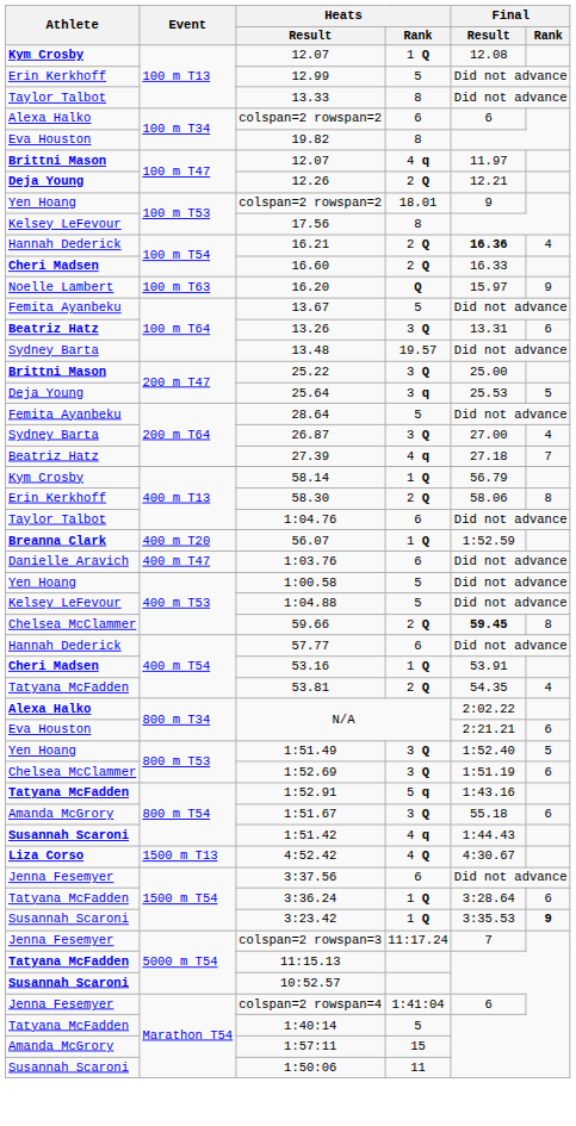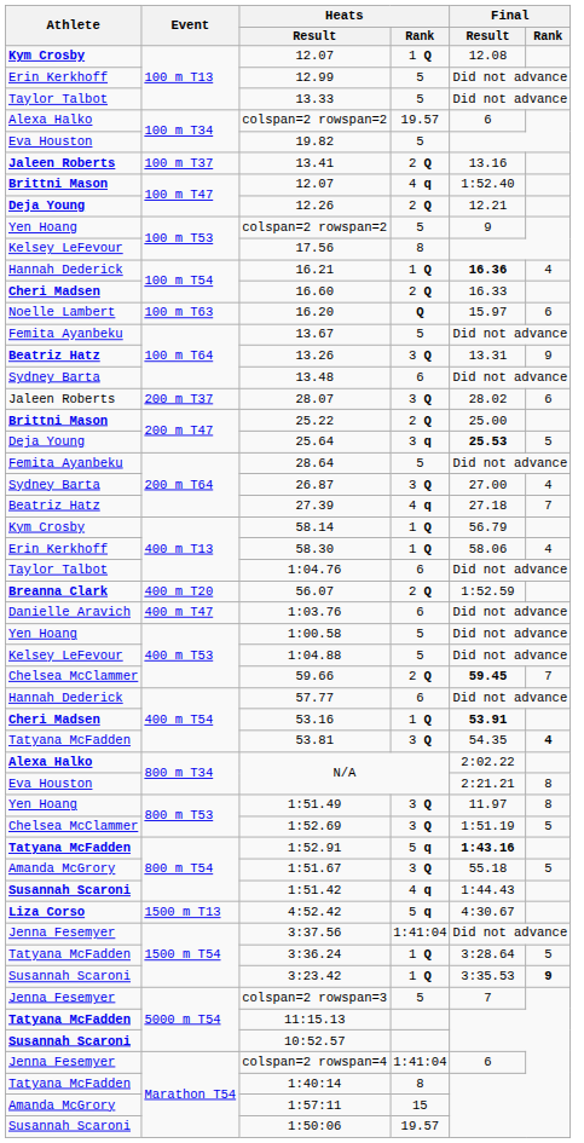 <table class=wikitable style=font-size:90%;text-align:center>
 <tr>
 <th rowspan=2>Athlete</th>
 <th rowspan=2>Event</th>
 <th colspan=2>Heats</th>
 <th colspan=2>Final</th>
 </tr>
 <tr style=font-size:95%>
 <th>Result</th>
 <th>Rank</th>
 <th>Result</th>
 <th>Rank</th>
 </tr>
 <tr align=center>
 <td align=left><strong><a href='#'>Kym Crosby</a></strong></td>
 <td align=left rowspan=3><a href='#'>100 m T13</a></td>
 <td>12.07</td>
 <td>1 <strong>Q</strong></td>
 <td>12.08</td>
 <td></td>
 </tr>
 <tr align=center>
 <td align=left><a href='#'>Erin Kerkhoff</a></td>
 <td>12.99</td>
 <td>5</td>
 <td colspan=2>Did not advance</td>
 </tr>
 <tr align=center>
 <td align=left><a href='#'>Taylor Talbot</a></td>
 <td>13.33</td>
-<td>8</td>
+<td>5</td>
 <td colspan=2>Did not advance</td>
 </tr>
 <tr align=center>
 <td align=left><a href='#'>Alexa Halko</a></td>
 <td align=left rowspan=2><a href='#'>100 m T34</a></td>
 <td>colspan=2 rowspan=2 </td>
-<td>6</td>
+<td>19.57</td>
 <td>6</td>
 </tr>
 <tr align=center>
 <td align=left><a href='#'>Eva Houston</a></td>
 <td>19.82</td>
-<td>8</td>
+<td>5</td>
+</tr>
+<tr align=center>
+<td align=left><strong><a href='#'>Jaleen Roberts</a></strong></td>
+<td align=left><a href='#'>100 m T37</a></td>
+<td>13.41 <strong></strong></td>
+<td>2 <strong>Q</strong></td>
+<td>13.16 <strong></strong></td>
+<td></td>
 </tr>
 <tr align=center>
 <td align=left><strong><a href='#'>Brittni Mason</a></strong></td>
 <td align=left rowspan=2><a href='#'>100 m T47</a></td>
 <td>12.07</td>
 <td>4 <strong>q</strong></td>
-<td>11.97</td>
+<td>1:52.40</td>
 <td></td>
 </tr>
 <tr align=center>
 <td align=left><strong><a href='#'>Deja Young</a></strong></td>
 <td>12.26</td>
 <td>2 <strong>Q</strong></td>
 <td>12.21</td>
 <td></td>
 </tr>
 <tr align=center>
 <td align=left><a href='#'>Yen Hoang</a></td>
 <td align=left rowspan=2><a href='#'>100 m T53</a></td>
 <td>colspan=2 rowspan=2 </td>
-<td>18.01</td>
+<td>5</td>
 <td>9</td>
 </tr>
 <tr align=center>
 <td align=left><a href='#'>Kelsey LeFevour</a></td>
 <td>17.56</td>
 <td>8</td>
 </tr>
 <tr align=center>
 <td align=left><a href='#'>Hannah Dederick</a></td>
 <td align=left rowspan=2><a href='#'>100 m T54</a></td>
 <td>16.21</td>
-<td>2 <strong>Q</strong></td>
+<td>1 <strong>Q</strong></td>
 <td><strong>16.36</strong></td>
 <td>4</td>
 </tr>
 <tr align=center>
 <td align=left><strong><a href='#'>Cheri Madsen</a></strong></td>
 <td>16.60</td>
 <td>2 <strong>Q</strong></td>
 <td>16.33</td>
 <td></td>
 </tr>
 <tr align=center>
 <td align=left><a href='#'>Noelle Lambert</a></td>
 <td align=left><a href='#'>100 m T63</a></td>
 <td>16.20 <strong></strong></td>
 <td><strong>Q</strong></td>
 <td>15.97 <strong></strong></td>
-<td>9</td>
+<td>6</td>
 </tr>
 <tr align=center>
 <td align=left><a href='#'>Femita Ayanbeku</a></td>
 <td align=left rowspan=3><a href='#'>100 m T64</a></td>
 <td>13.67</td>
 <td>5</td>
 <td colspan=2>Did not advance</td>
 </tr>
 <tr align=center>
 <td align=left><strong><a href='#'>Beatriz Hatz</a></strong></td>
 <td>13.26</td>
 <td>3 <strong>Q</strong></td>
 <td>13.31</td>
-<td>6</td>
+<td>9</td>
 </tr>
 <tr align=center>
 <td align=left><a href='#'>Sydney Barta</a></td>
 <td>13.48</td>
-<td>19.57</td>
+<td>6</td>
 <td colspan=2>Did not advance</td>
+</tr>
+<tr align=center>
+<td align=left>Jaleen Roberts</td>
+<td align=left><a href='#'>200 m T37</a></td>
+<td>28.07</td>
+<td>3 <strong>Q</strong></td>
+<td>28.02 <strong></strong></td>
+<td>6</td>
 </tr>
 <tr align=center>
 <td align=left><strong><a href='#'>Brittni Mason</a></strong></td>
 <td align=left rowspan=2><a href='#'>200 m T47</a></td>
 <td>25.22</td>
-<td>3 <strong>Q</strong></td>
+<td>2 <strong>Q</strong></td>
 <td>25.00</td>
 <td></td>
 </tr>
 <tr align=center>
 <td align=left><a href='#'>Deja Young</a></td>
 <td>25.64</td>
 <td>3 <strong>q</strong></td>
-<td>25.53</td>
+<td><strong>25.53</strong></td>
 <td>5</td>
 </tr>
 <tr align=center>
 <td align=left><a href='#'>Femita Ayanbeku</a></td>
 <td align=left rowspan=3><a href='#'>200 m T64</a></td>
 <td>28.64</td>
 <td>5</td>
 <td colspan="2">Did not advance</td>
 </tr>
 <tr align=center>
 <td align=left><a href='#'>Sydney Barta</a></td>
 <td>26.87</td>
 <td>3 <strong>Q</strong></td>
 <td>27.00</td>
 <td>4</td>
 </tr>
 <tr align=center>
 <td align=left><a href='#'>Beatriz Hatz</a></td>
 <td>27.39</td>
 <td>4 <strong>q</strong></td>
 <td>27.18</td>
 <td>7</td>
 </tr>
 <tr align=center>
 <td align=left><a href='#'>Kym Crosby</a></td>
 <td rowspan="3" align="left"><a href='#'>400 m T13</a></td>
 <td>58.14</td>
 <td>1 <strong>Q</strong></td>
 <td>56.79</td>
 <td></td>
 </tr>
 <tr align=center>
 <td align=left><a href='#'>Erin Kerkhoff</a></td>
 <td>58.30</td>
-<td>2 <strong>Q</strong></td>
+<td>1 <strong>Q</strong></td>
 <td>58.06</td>
-<td>8</td>
+<td>4</td>
 </tr>
 <tr align=center>
 <td align=left><a href='#'>Taylor Talbot</a></td>
 <td>1:04.76</td>
 <td>6</td>
 <td colspan="2">Did not advance</td>
 </tr>
 <tr align=center>
 <td align=left><strong><a href='#'>Breanna Clark</a></strong></td>
 <td align=left><a href='#'>400 m T20</a></td>
 <td>56.07</td>
-<td>1 <strong>Q</strong></td>
+<td>2 <strong>Q</strong></td>
 <td>1:52.59</td>
 <td></td>
 </tr>
 <tr align=center>
 <td align=left><a href='#'>Danielle Aravich</a></td>
 <td align=left><a href='#'>400 m T47</a></td>
 <td>1:03.76</td>
 <td>6</td>
 <td colspan="2">Did not advance</td>
 </tr>
 <tr align=center>
 <td align=left><a href='#'>Yen Hoang</a></td>
 <td rowspan="3" align="left"><a href='#'>400 m T53</a></td>
 <td>1:00.58</td>
 <td>5</td>
 <td colspan="2">Did not advance</td>
 </tr>
 <tr align=center>
 <td align=left><a href='#'>Kelsey LeFevour</a></td>
 <td>1:04.88</td>
 <td>5</td>
 <td colspan="2">Did not advance</td>
 </tr>
 <tr align=center>
 <td align=left><a href='#'>Chelsea McClammer</a></td>
 <td>59.66</td>
 <td>2 <strong>Q</strong></td>
 <td><strong>59.45</strong></td>
-<td>8</td>
+<td>7</td>
 </tr>
 <tr align=center>
 <td align="left"><a href='#'>Hannah Dederick</a></td>
 <td rowspan="3" align="left"><a href='#'>400 m T54</a></td>
 <td>57.77</td>
 <td>6</td>
 <td colspan="2">Did not advance</td>
 </tr>
 <tr align=center>
 <td align="left"><strong><a href='#'>Cheri Madsen</a></strong></td>
 <td>53.16</td>
 <td>1 <strong>Q</strong></td>
-<td>53.91</td>
+<td><strong>53.91</strong></td>
 <td></td>
 </tr>
 <tr align=center>
 <td align="left"><a href='#'>Tatyana McFadden</a></td>
 <td>53.81</td>
-<td>2 <strong>Q</strong></td>
+<td>3 <strong>Q</strong></td>
 <td>54.35</td>
-<td>4</td>
+<td><strong>4</strong></td>
 </tr>
 <tr align=center>
 <td align="left"><strong><a href='#'>Alexa Halko</a></strong></td>
 <td rowspan="2" align="left"><a href='#'>800 m T34</a></td>
 <td colspan="2" rowspan="2">N/A</td>
 <td>2:02.22</td>
 <td></td>
 </tr>
 <tr align=center>
 <td align="left"><a href='#'>Eva Houston</a></td>
 <td>2:21.21</td>
-<td>6</td>
+<td>8</td>
 </tr>
 <tr align=center>
 <td align=left><a href='#'>Yen Hoang</a></td>
 <td rowspan="2" align="left"><a href='#'>800 m T53</a></td>
 <td>1:51.49</td>
 <td>3 <strong>Q</strong></td>
-<td>1:52.40</td>
-<td>5</td>
+<td>11.97</td>
+<td>8</td>
 </tr>
 <tr align=center>
 <td align="left"><a href='#'>Chelsea McClammer</a></td>
 <td>1:52.69</td>
 <td>3 <strong>Q</strong></td>
 <td>1:51.19</td>
-<td>6</td>
+<td>5</td>
 </tr>
 <tr align=center>
 <td align="left"><strong><a href='#'>Tatyana McFadden</a></strong></td>
 <td rowspan="3" align="left"><a href='#'>800 m T54</a></td>
 <td>1:52.91</td>
 <td>5 <strong>q</strong></td>
-<td>1:43.16</td>
+<td><strong>1:43.16</strong></td>
 <td></td>
 </tr>
 <tr align=center>
 <td align="left"><a href='#'>Amanda McGrory</a></td>
 <td>1:51.67</td>
 <td>3 <strong>Q</strong></td>
 <td>55.18 </td>
-<td>6</td>
+<td>5</td>
 </tr>
 <tr align=center>
 <td align="left"><strong><a href='#'>Susannah Scaroni</a></strong></td>
 <td>1:51.42</td>
 <td>4 <strong>q</strong></td>
 <td>1:44.43</td>
 <td></td>
 </tr>
 <tr align=center>
 <td align=left><strong><a href='#'>Liza Corso</a></strong></td>
 <td align=left><a href='#'>1500 m T13</a></td>
 <td>4:52.42</td>
-<td>4 <strong>Q</strong></td>
+<td>5 <strong>q</strong></td>
 <td>4:30.67</td>
 <td></td>
 </tr>
 <tr align=center>
 <td align=left><a href='#'>Jenna Fesemyer</a></td>
 <td rowspan="3" align="left"><a href='#'>1500 m T54</a></td>
 <td>3:37.56</td>
-<td>6</td>
+<td>1:41:04</td>
 <td colspan="2">Did not advance</td>
 </tr>
 <tr align=center>
 <td align=left><a href='#'>Tatyana McFadden</a></td>
 <td>3:36.24</td>
 <td>1 <strong>Q</strong></td>
 <td>3:28.64</td>
-<td>6</td>
+<td>5</td>
 </tr>
 <tr align=center>
 <td align="left"><a href='#'>Susannah Scaroni</a></td>
 <td>3:23.42</td>
 <td>1 <strong>Q</strong></td>
 <td>3:35.53</td>
 <td><strong>9</strong></td>
 </tr>
 <tr align=center>
 <td align="left"><a href='#'>Jenna Fesemyer</a></td>
 <td rowspan="3" align="left"><a href='#'>5000 m T54</a></td>
 <td>colspan=2 rowspan=3 </td>
-<td>11:17.24</td>
+<td>5</td>
 <td>7</td>
 </tr>
 <tr align=center>
 <td align="left"><strong><a href='#'>Tatyana McFadden</a></strong></td>
 <td>11:15.13</td>
 <td></td>
 </tr>
 <tr align=center>
 <td align="left"><strong><a href='#'>Susannah Scaroni</a></strong></td>
 <td>10:52.57 <strong></strong></td>
 <td></td>
 </tr>
 <tr align=center>
 <td align=left><a href='#'>Jenna Fesemyer</a></td>
 <td rowspan="4" align="left"><a href='#'>Marathon T54</a></td>
 <td>colspan=2 rowspan=4 </td>
 <td>1:41:04</td>
 <td>6</td>
 </tr>
 <tr align=center>
 <td align="left"><a href='#'>Tatyana McFadden</a></td>
 <td>1:40:14</td>
-<td>5</td>
+<td>8</td>
 </tr>
 <tr align=center>
 <td align=left><a href='#'>Amanda McGrory</a></td>
 <td>1:57:11</td>
 <td>15</td>
 </tr>
 <tr align=center>
 <td align=left><a href='#'>Susannah Scaroni</a></td>
 <td>1:50:06</td>
-<td>11</td>
+<td>19.57</td>
 </tr>
 </table>
